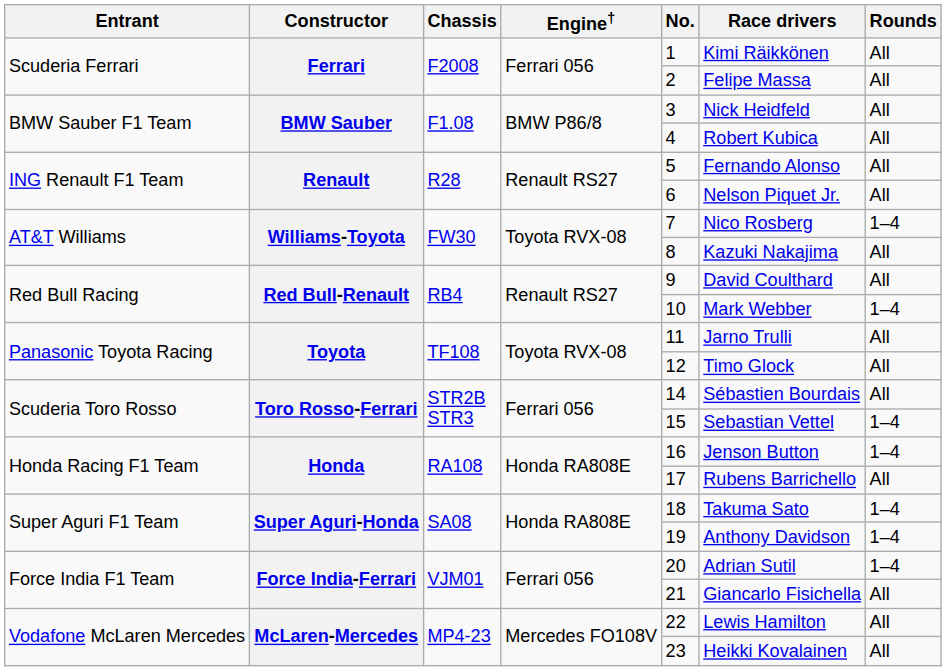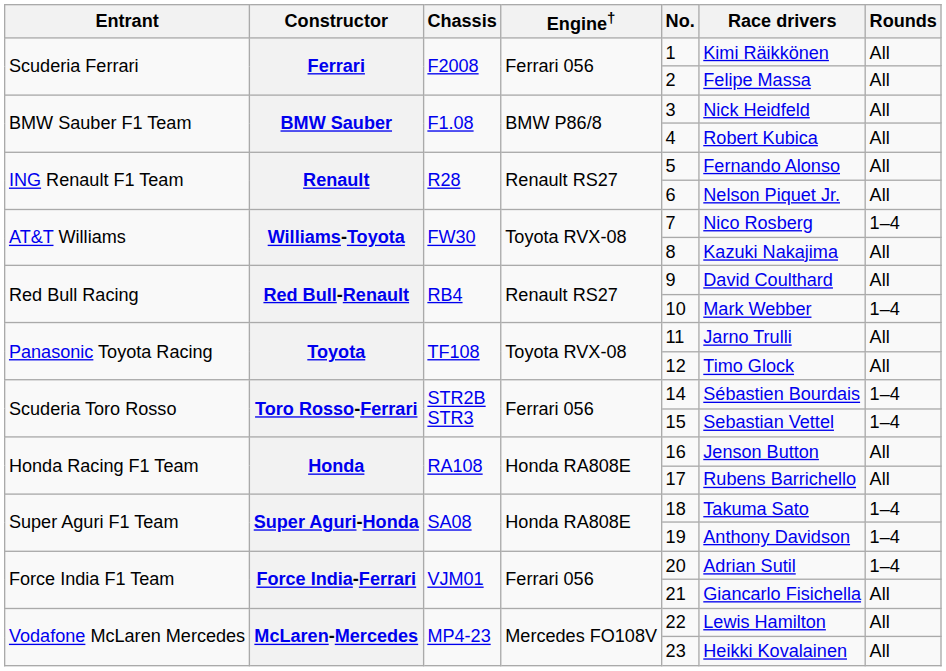 <table class="wikitable sortable" style="font-size: 85%">
 <tr>
 <th>Entrant</th>
 <th>Constructor</th>
 <th>Chassis</th>
 <th>Engine<sup>†</sup></th>
 <th>No.</th>
 <th>Race drivers</th>
 <th>Rounds</th>
 </tr>
 <tr>
 <td rowspan=2> Scuderia Ferrari</td>
 <th rowspan=2><a href='#'>Ferrari</a></th>
 <td rowspan=2><a href='#'>F2008</a></td>
 <td rowspan=2>Ferrari 056</td>
 <td>1</td>
 <td> <a href='#'>Kimi Räikkönen</a></td>
 <td>All</td>
 </tr>
 <tr>
 <td>2</td>
 <td> <a href='#'>Felipe Massa</a></td>
 <td>All</td>
 </tr>
 <tr>
 <td rowspan=2> BMW Sauber F1 Team</td>
 <th rowspan=2><a href='#'>BMW Sauber</a></th>
 <td rowspan=2><a href='#'>F1.08</a></td>
 <td rowspan=2>BMW P86/8</td>
 <td>3</td>
 <td> <a href='#'>Nick Heidfeld</a></td>
 <td>All</td>
 </tr>
 <tr>
 <td>4</td>
 <td> <a href='#'>Robert Kubica</a></td>
 <td>All</td>
 </tr>
 <tr>
 <td rowspan=2> <a href='#'>ING</a> Renault F1 Team</td>
 <th rowspan=2><a href='#'>Renault</a></th>
 <td rowspan=2><a href='#'>R28</a></td>
 <td rowspan=2>Renault RS27</td>
 <td>5</td>
 <td> <a href='#'>Fernando Alonso</a></td>
 <td>All</td>
 </tr>
 <tr>
 <td>6</td>
 <td> <a href='#'>Nelson Piquet Jr.</a></td>
 <td>All</td>
 </tr>
 <tr>
 <td rowspan=2> <a href='#'>AT&T</a> Williams</td>
 <th rowspan=2><a href='#'>Williams</a>-<a href='#'>Toyota</a></th>
 <td rowspan=2><a href='#'>FW30</a></td>
 <td rowspan=2>Toyota RVX-08</td>
 <td>7</td>
 <td> <a href='#'>Nico Rosberg</a></td>
 <td>1–4</td>
 </tr>
 <tr>
 <td>8</td>
 <td> <a href='#'>Kazuki Nakajima</a></td>
 <td>All</td>
 </tr>
 <tr>
 <td rowspan=2> Red Bull Racing</td>
 <th rowspan=2><a href='#'>Red Bull</a>-<a href='#'>Renault</a></th>
 <td rowspan=2><a href='#'>RB4</a></td>
 <td rowspan=2>Renault RS27</td>
 <td>9</td>
 <td> <a href='#'>David Coulthard</a></td>
 <td>All</td>
 </tr>
 <tr>
 <td>10</td>
 <td> <a href='#'>Mark Webber</a></td>
 <td>1–4</td>
 </tr>
 <tr>
 <td rowspan=2> <a href='#'>Panasonic</a> Toyota Racing</td>
 <th rowspan=2><a href='#'>Toyota</a></th>
 <td rowspan=2><a href='#'>TF108</a></td>
 <td rowspan=2>Toyota RVX-08</td>
 <td>11</td>
 <td> <a href='#'>Jarno Trulli</a></td>
 <td>All</td>
 </tr>
 <tr>
 <td>12</td>
 <td> <a href='#'>Timo Glock</a></td>
 <td>All</td>
 </tr>
 <tr>
 <td rowspan=2> Scuderia Toro Rosso</td>
 <th rowspan=2><a href='#'>Toro Rosso</a>-<a href='#'>Ferrari</a></th>
 <td rowspan=2><a href='#'>STR2B</a><br><a href='#'>STR3</a></td>
 <td rowspan=2>Ferrari 056</td>
 <td>14</td>
 <td> <a href='#'>Sébastien Bourdais</a></td>
-<td>All</td>
+<td>1–4</td>
 </tr>
 <tr>
 <td>15</td>
 <td> <a href='#'>Sebastian Vettel</a></td>
 <td>1–4</td>
 </tr>
 <tr>
 <td rowspan=2> Honda Racing F1 Team</td>
 <th rowspan=2><a href='#'>Honda</a></th>
 <td rowspan=2><a href='#'>RA108</a></td>
 <td rowspan=2>Honda RA808E</td>
 <td>16</td>
 <td> <a href='#'>Jenson Button</a></td>
-<td>1–4</td>
+<td>All</td>
 </tr>
 <tr>
 <td>17</td>
 <td> <a href='#'>Rubens Barrichello</a></td>
 <td>All</td>
 </tr>
 <tr>
 <td rowspan=2> Super Aguri F1 Team</td>
 <th rowspan=2><a href='#'>Super Aguri</a>-<a href='#'>Honda</a></th>
 <td rowspan=2><a href='#'>SA08</a></td>
 <td rowspan=2>Honda RA808E</td>
 <td>18</td>
 <td> <a href='#'>Takuma Sato</a></td>
 <td>1–4</td>
 </tr>
 <tr>
 <td>19</td>
 <td> <a href='#'>Anthony Davidson</a></td>
 <td>1–4</td>
 </tr>
 <tr>
 <td rowspan=2> Force India F1 Team</td>
 <th rowspan=2><a href='#'>Force India</a>-<a href='#'>Ferrari</a></th>
 <td rowspan=2><a href='#'>VJM01</a></td>
 <td rowspan=2>Ferrari 056</td>
 <td>20</td>
 <td> <a href='#'>Adrian Sutil</a></td>
 <td>1–4</td>
 </tr>
 <tr>
 <td>21</td>
 <td> <a href='#'>Giancarlo Fisichella</a></td>
 <td>All</td>
 </tr>
 <tr>
 <td rowspan=2 nowrap> <a href='#'>Vodafone</a> McLaren Mercedes</td>
 <th rowspan=2 nowrap><a href='#'>McLaren</a>-<a href='#'>Mercedes</a></th>
 <td rowspan=2 nowrap><a href='#'>MP4-23</a></td>
 <td rowspan=2 nowrap>Mercedes FO108V</td>
 <td>22</td>
 <td> <a href='#'>Lewis Hamilton</a></td>
 <td>All</td>
 </tr>
 <tr>
 <td>23</td>
 <td> <a href='#'>Heikki Kovalainen</a></td>
 <td>All</td>
 </tr>
 </table>
